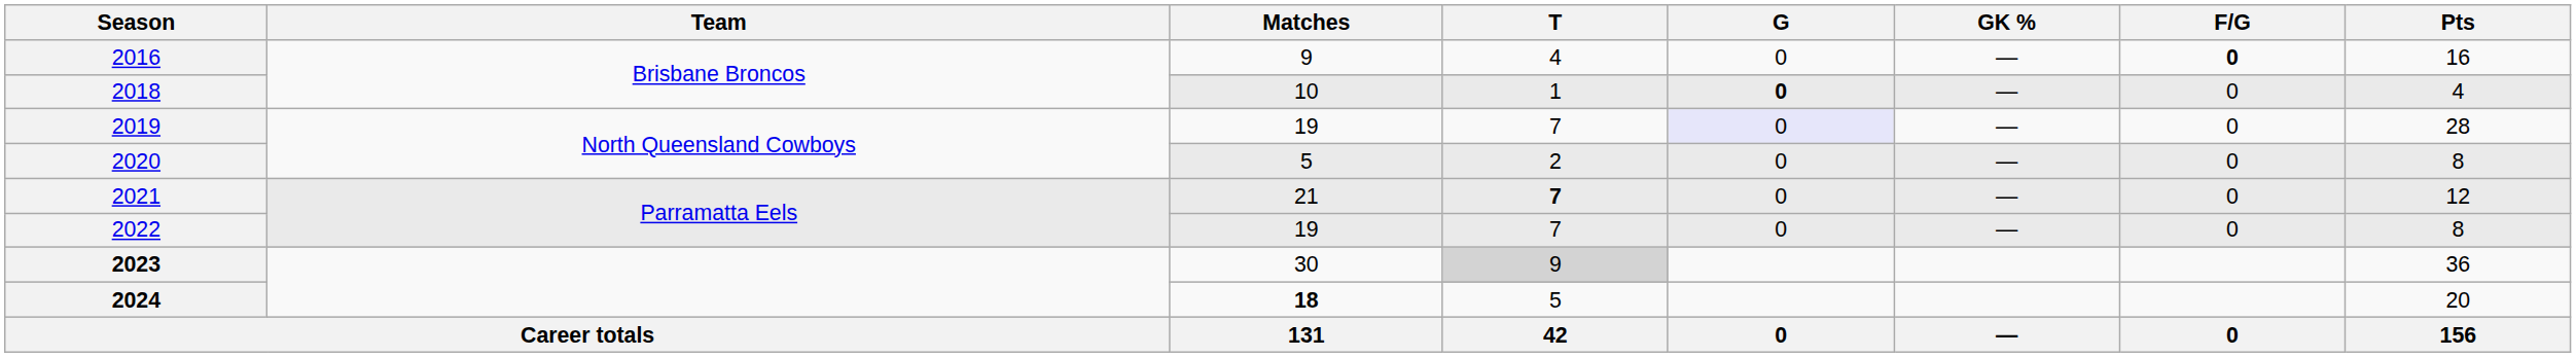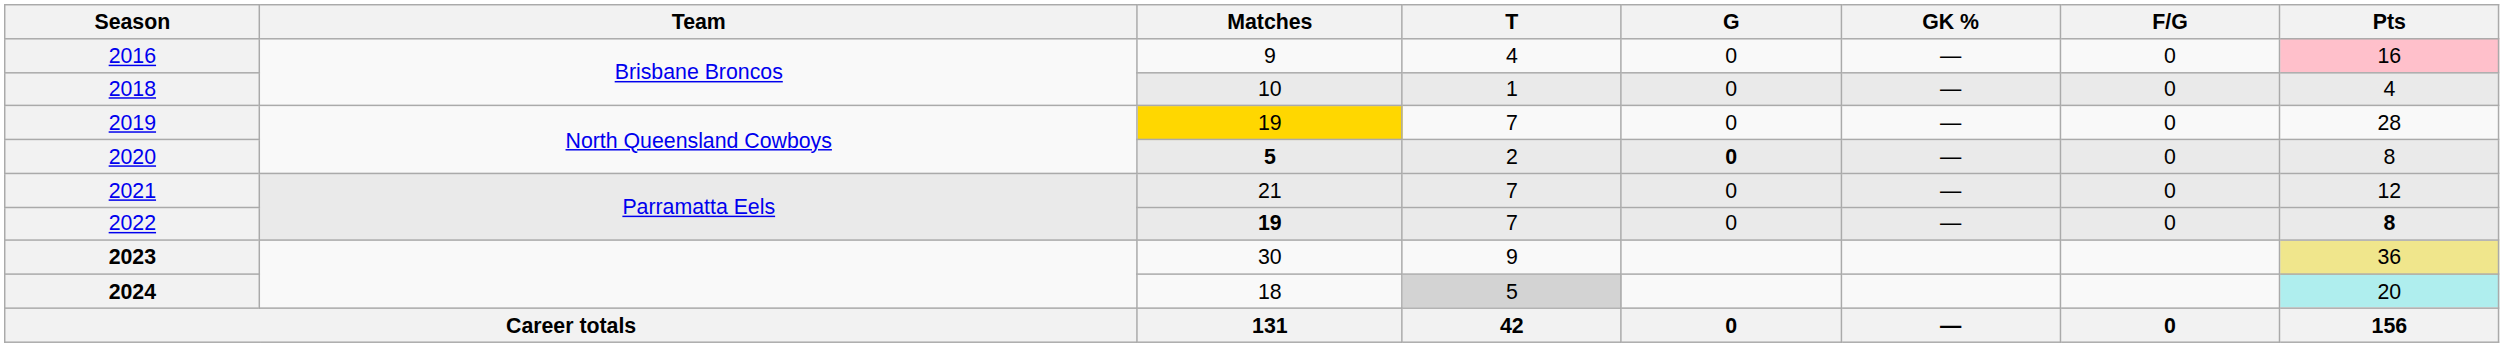 <table class="wikitable sortable"  style="font-size:90%; text-align:center; width:85%;">
 <tr>
 <th width=2%>Season</th>
 <th width=8%>Team</th>
 <th width=2%>Matches</th>
 <th width=2%>T</th>
 <th width=2%>G</th>
 <th width=2%>GK %</th>
 <th width=2%>F/G</th>
 <th width=2%>Pts</th>
 </tr>
 <tr>
 <th scope="row" style="text-align:center; font-weight:normal"><a href='#'>2016</a></th>
 <td rowspan="2" style="text-align:center;"> <a href='#'>Brisbane Broncos</a></td>
 <td>9</td>
 <td>4</td>
 <td>0</td>
 <td>—</td>
-<td><strong>0</strong></td>
-<td>16</td>
+<td>0</td>
+<td style="background: pink;">16</td>
 </tr>
 <tr style="background:#eaeaea;">
 <th scope="row" style="text-align:center; font-weight:normal"><a href='#'>2018</a></th>
 <td>10</td>
 <td>1</td>
-<td><strong>0</strong></td>
+<td>0</td>
 <td>—</td>
 <td>0</td>
 <td>4</td>
 </tr>
 <tr>
 <th scope="row" style="text-align:center; font-weight:normal"><a href='#'>2019</a></th>
 <td rowspan="2" style="text-align:center;"> <a href='#'>North Queensland Cowboys</a></td>
-<td>19</td>
+<td style="background: gold;">19</td>
 <td>7</td>
-<td style="background: lavender;">0</td>
+<td>0</td>
 <td>—</td>
 <td>0</td>
 <td>28</td>
 </tr>
 <tr style="background:#eaeaea;">
 <th scope="row" style="text-align:center; font-weight:normal"><a href='#'>2020</a></th>
-<td>5</td>
+<td><strong>5</strong></td>
 <td>2</td>
-<td>0</td>
+<td><strong>0</strong></td>
 <td>—</td>
 <td>0</td>
 <td>8</td>
 </tr>
 <tr style="background:#eaeaea;">
 <th scope="row" style="text-align:center; font-weight:normal"><a href='#'>2021</a></th>
 <td rowspan="2" style="text-align:center;"> <a href='#'>Parramatta Eels</a></td>
 <td>21</td>
-<td><strong>7</strong></td>
+<td>7</td>
 <td>0</td>
 <td>—</td>
 <td>0</td>
 <td>12</td>
 </tr>
 <tr style="background:#eaeaea;">
 <th scope="row" style="text-align:center; font-weight:normal"><a href='#'>2022</a></th>
-<td>19</td>
+<td><strong>19</strong></td>
 <td>7</td>
 <td>0</td>
 <td>—</td>
 <td>0</td>
-<td>8</td>
+<td><strong>8</strong></td>
 </tr>
 <tr>
 <th>2023</th>
 <td rowspan="2"></td>
 <td>30</td>
-<td style="background: lightgrey;">9</td>
+<td>9</td>
 <td></td>
 <td></td>
 <td></td>
-<td>36</td>
+<td style="background: khaki;">36</td>
 </tr>
 <tr>
 <th>2024</th>
-<td><strong>18</strong></td>
-<td>5</td>
+<td>18</td>
+<td style="background: lightgrey;">5</td>
 <td></td>
 <td></td>
 <td></td>
-<td>20</td>
+<td style="background: paleturquoise;">20</td>
 </tr>
 <tr>
 <th colspan=2>Career totals</th>
 <th>131</th>
 <th>42</th>
 <th>0</th>
 <th>—</th>
 <th>0</th>
 <th>156</th>
 </tr>
 </table>
